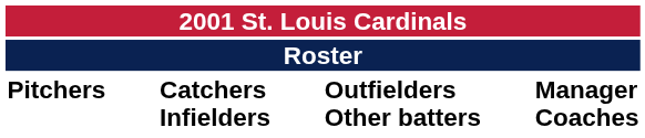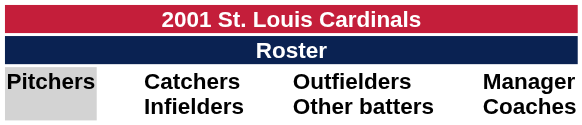 <table class="toccolours" style="font-size: 95%;">
 <tr>
 <th colspan="10" style="background-color: #c41e3a; color: #FFFFFF; text-align: center;">2001 St. Louis Cardinals</th>
 </tr>
 <tr>
 <td colspan="10" style="background-color: #0a2252; color: #FFFFFF; text-align: center;"><strong>Roster</strong></td>
 </tr>
 <tr>
-<td valign="top"><strong>Pitchers</strong><br>                   </td>
+<td valign="top" style="background: lightgrey;"><strong>Pitchers</strong><br>                   </td>
 <td width="25px"></td>
 <td valign="top"><strong>Catchers</strong><br>   <strong>Infielders</strong>        </td>
 <td width="25px"></td>
 <td valign="top"><strong>Outfielders</strong><br>        <strong>Other batters</strong> </td>
 <td width="25px"></td>
 <td valign="top"><strong>Manager</strong><br> <strong>Coaches</strong>      </td>
 </tr>
 </table>
